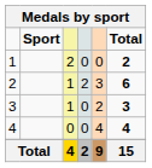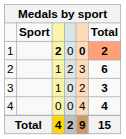 <table class="wikitable" style="font-size:95%">
 <tr style="background:#efefef;">
 <th colspan=6>Medals by sport</th>
 </tr>
 <tr style="text-align:center;">
 <td></td>
 <td><strong>Sport</strong></td>
 <td style="background:#F7F6A8;"></td>
 <td style="background:#DCE5E5;"></td>
 <td style="background:#FFDAB9;"></td>
 <td><strong>Total</strong></td>
 </tr>
 <tr style="text-align:center;">
 <td>1</td>
 <td></td>
-<td style="background:#F7F6A8;">2</td>
+<td style="background:#F7F6A8;"><strong>2</strong></td>
 <td style="background:#DCE5E5;">0</td>
-<td style="background:#FFDAB9;">0</td>
-<td><strong>2</strong></td>
+<td style="background:#FFDAB9;"><strong>0</strong></td>
+<td style="background: lightsalmon;"><strong>2</strong></td>
 </tr>
 <tr style="text-align:center;">
 <td>2</td>
 <td></td>
 <td style="background:#F7F6A8;">1</td>
 <td style="background:#DCE5E5;">2</td>
 <td style="background:#FFDAB9;">3</td>
 <td><strong>6</strong></td>
 </tr>
 <tr style="text-align:center;">
 <td>3</td>
 <td></td>
 <td style="background:#F7F6A8;">1</td>
 <td style="background:#DCE5E5;">0</td>
 <td style="background:#FFDAB9;">2</td>
 <td><strong>3</strong></td>
 </tr>
 <tr style="text-align:center;">
 <td>4</td>
 <td></td>
 <td style="background:#F7F6A8;">0</td>
 <td style="background:#DCE5E5;">0</td>
 <td style="background:#FFDAB9;">4</td>
 <td><strong>4</strong></td>
 </tr>
 <tr style="text-align:center;">
 </tr>
 <tr>
 <th colspan="2">Total</th>
 <th style="background:gold;">4</th>
 <th style="background:silver;">2</th>
 <th style="background:#c96;">9</th>
 <th>15</th>
 </tr>
 </table>
